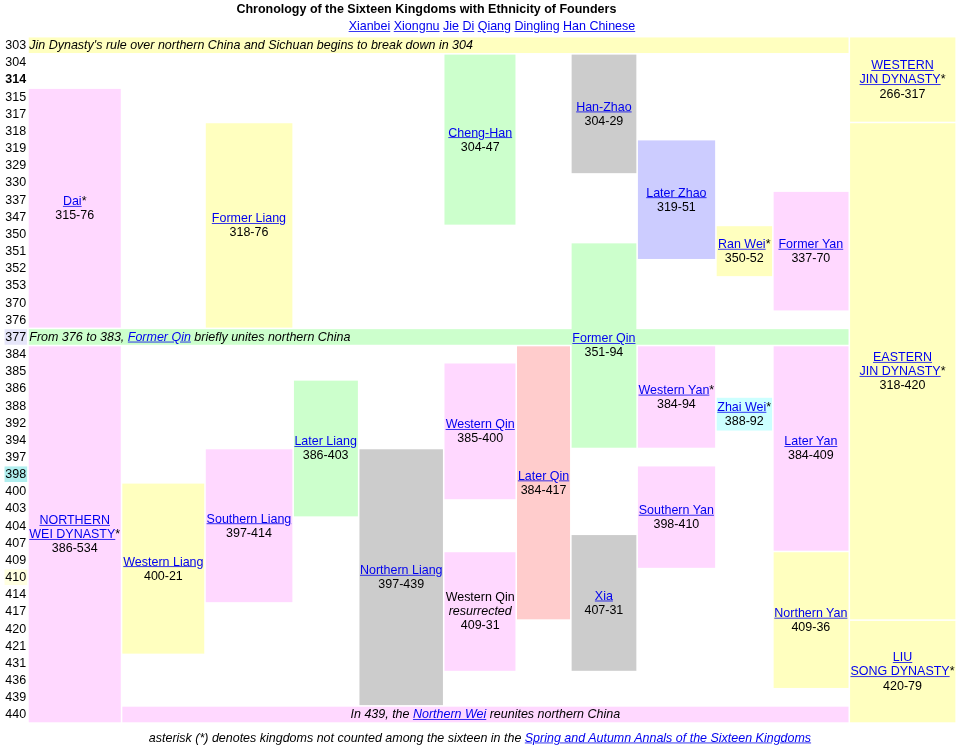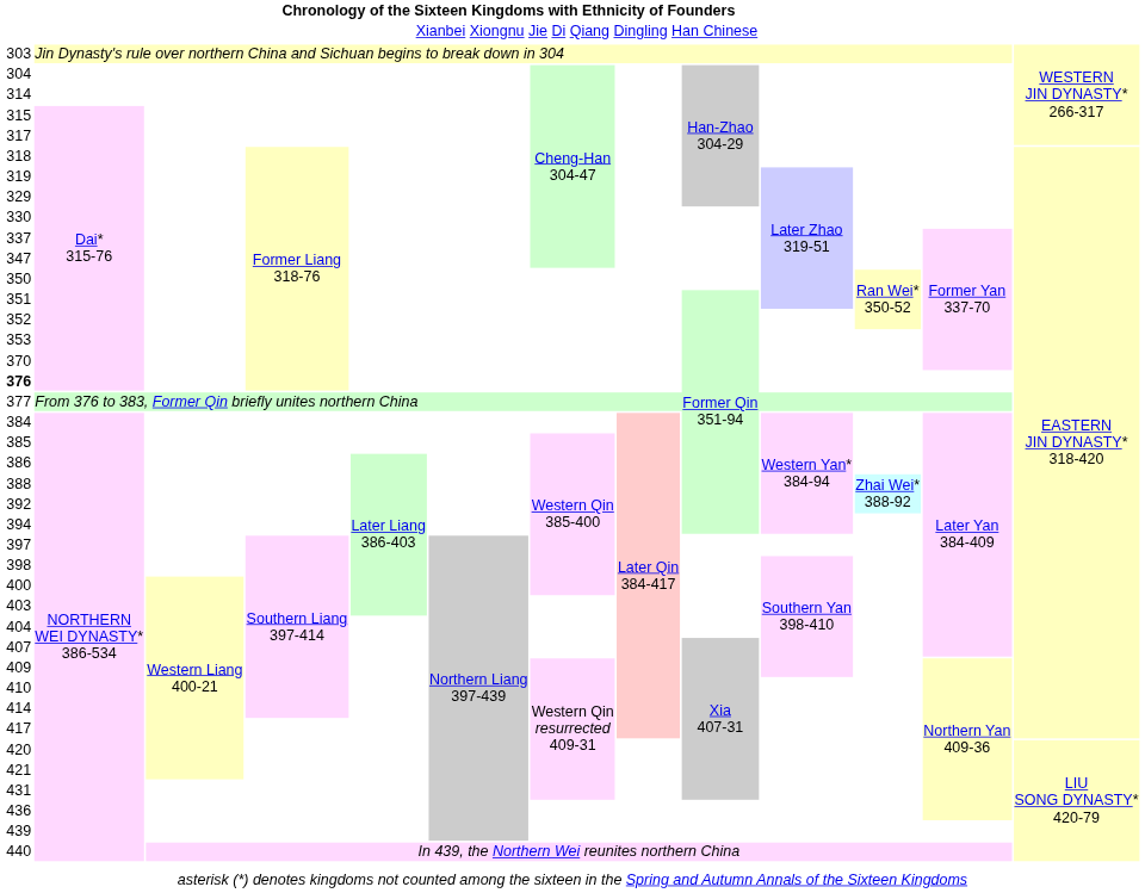 <table>
 <tr>
 <td colspan=12 ALIGN="center"><strong>Chronology of the Sixteen Kingdoms with Ethnicity of Founders</strong></td>
 </tr>
 <tr>
 <td></td>
 <td colspan=12 ALIGN="center"> <a href='#'>Xianbei</a>   <a href='#'>Xiongnu</a>  <a href='#'>Jie</a>  <a href='#'>Di</a>   <a href='#'>Qiang</a>   <a href='#'>Dingling</a>  <a href='#'>Han Chinese</a></td>
 </tr>
 <tr>
 </tr>
 <tr>
 <td>303</td>
 <td align="left" COLSPAN=11 style="background:#FFFFBF"><em>Jin Dynasty's rule over northern China and Sichuan begins to break down in 304</em></td>
 <td align="center" ROWSPAN=5 style="background:#FFFFBF;"><a href='#'>WESTERN<br>JIN DYNASTY</a>*<br>266-317</td>
 </tr>
 <tr>
 <td>304</td>
 <td></td>
 <td></td>
 <td></td>
 <td></td>
 <td></td>
 <td align="center" ROWSPAN=10 style="background:#CCFFCC;"><a href='#'>Cheng-Han</a><br>304-47</td>
 <td></td>
 <td ALIGN="CENTER" ROWSPAN=7 style="background:#CCCCCC;"><a href='#'>Han-Zhao</a><br>304-29</td>
 <td></td>
 <td></td>
 <td></td>
 <td></td>
 </tr>
 <tr>
-<td><strong>314</strong></td>
+<td>314</td>
 <td></td>
 <td></td>
 <td></td>
 <td></td>
 <td></td>
 <td></td>
 <td></td>
 <td></td>
 </tr>
 <tr>
 <td>315</td>
 <td align="center" ROWSPAN=14 style="background:#FFD8FF;"><a href='#'>Dai</a>*<br>315-76</td>
 <td></td>
 <td></td>
 <td></td>
 <td></td>
 <td></td>
 <td></td>
 <td></td>
 </tr>
 <tr>
 <td>317</td>
 <td></td>
 <td></td>
 <td></td>
 <td></td>
 <td></td>
 <td></td>
 <td></td>
 </tr>
 <tr>
 <td>318</td>
 <td></td>
 <td align="center" ROWSPAN=12 style="background:#FFFFBF;"><a href='#'>Former Liang</a><br>318-76</td>
 <td></td>
 <td></td>
 <td></td>
 <td></td>
 <td></td>
 <td></td>
 <td align="center" ROWSPAN=29 style="background:#FFFFBF;"><a href='#'>EASTERN<br>JIN DYNASTY</a>*<br>318-420</td>
 </tr>
 <tr>
 <td>319</td>
 <td></td>
 <td></td>
 <td></td>
 <td></td>
 <td align="center" ROWSPAN=7 style="background:#CCCCFF;"><a href='#'>Later Zhao</a><br>319-51</td>
 <td></td>
 <td></td>
 </tr>
 <tr>
 <td>329</td>
 <td></td>
 <td></td>
 <td></td>
 <td></td>
 <td></td>
 <td></td>
 </tr>
 <tr>
 <td>330</td>
 <td></td>
 <td></td>
 <td></td>
 <td></td>
 <td></td>
 <td></td>
 <td></td>
 </tr>
 <tr>
 <td>337</td>
 <td></td>
 <td></td>
 <td></td>
 <td></td>
 <td></td>
 <td></td>
 <td align="center" ROWSPAN=7 style="background:#FFD8FF;"><a href='#'>Former Yan</a><br>337-70</td>
 </tr>
 <tr>
 <td>347</td>
 <td></td>
 <td></td>
 <td></td>
 <td></td>
 <td></td>
 <td></td>
 </tr>
 <tr>
 <td>350</td>
 <td></td>
 <td></td>
 <td></td>
 <td></td>
 <td></td>
 <td></td>
 <td align="center" ROWSPAN=3 style="background:#FFFFBF;"><a href='#'>Ran Wei</a>*<br>350-52</td>
 </tr>
 <tr>
 <td>351</td>
 <td></td>
 <td></td>
 <td></td>
 <td></td>
 <td></td>
 <td align="center" ROWSPAN=12 style="background:#CCFFCC;"><a href='#'>Former Qin</a><br>351-94</td>
 </tr>
 <tr>
 <td>352</td>
 <td></td>
 <td></td>
 <td></td>
 <td></td>
 <td></td>
 <td></td>
 </tr>
 <tr>
 <td>353</td>
 <td></td>
 <td></td>
 <td></td>
 <td></td>
 <td></td>
 <td></td>
 <td></td>
 </tr>
 <tr>
 <td>370</td>
 <td></td>
 <td></td>
 <td></td>
 <td></td>
 <td></td>
 <td></td>
 <td></td>
 </tr>
 <tr>
-<td>376</td>
+<td><strong>376</strong></td>
 <td></td>
 <td></td>
 <td></td>
 <td></td>
 <td></td>
 <td></td>
 <td></td>
 <td></td>
 </tr>
 <tr>
-<td style="background: lavender;">377</td>
+<td>377</td>
 <td align="left" COLSPAN=11 style="background:#CCFFCC"><em>From 376 to 383, <a href='#'>Former Qin</a> briefly unites northern China</em></td>
 </tr>
 <tr>
 <td>384</td>
 <td align="CENTER" ROWSPAN=22 style="background:#FFD8FF;"><a href='#'>NORTHERN<br>WEI DYNASTY</a>*<br>386-534</td>
 <td></td>
 <td></td>
 <td></td>
 <td></td>
 <td></td>
 <td ALIGN="CENTER" ROWSPAN=16 style="background:#FFCCCC;"><a href='#'>Later Qin</a><br>384-417</td>
 <td rowspan="6" align="CENTER" style="background:#FFD8FF;"><a href='#'>Western Yan</a>*<br>384-94</td>
 <td></td>
 <td ALIGN="CENTER" ROWSPAN=12 style="background:#FFD8FF;"><a href='#'>Later Yan</a><br>384-409</td>
 </tr>
 <tr>
 <td>385</td>
 <td></td>
 <td></td>
 <td></td>
 <td></td>
 <td align="center" ROWSPAN=8 style="background:#FFD8FF;"><a href='#'>Western Qin</a><br>385-400</td>
 <td></td>
 </tr>
 <tr>
 <td>386</td>
 <td></td>
 <td></td>
 <td align="center" ROWSPAN=8 style="background:#CCFFCC;"><a href='#'>Later Liang</a><br>386-403</td>
 <td></td>
 </tr>
 <tr>
 <td>388</td>
 <td></td>
 <td></td>
 <td></td>
 <td align="center" ROWSPAN=2 style="background:#CCFFFF"><a href='#'>Zhai Wei</a>*<br>388-92</td>
 </tr>
 <tr>
 <td>392</td>
 <td></td>
 <td></td>
 <td></td>
 </tr>
 <tr>
 <td>394</td>
 <td></td>
 <td></td>
 <td></td>
 <td></td>
 </tr>
 <tr>
 <td>397</td>
 <td></td>
 <td align="center" ROWSPAN=9 style="background:#FFD8FF;"><a href='#'>Southern Liang</a><br>397-414</td>
 <td align="center" ROWSPAN=15 style="background:#CCCCCC;"><a href='#'>Northern Liang</a><br>397-439</td>
 <td></td>
 <td></td>
 <td></td>
 </tr>
 <tr>
-<td style="background: paleturquoise;">398</td>
+<td>398</td>
 <td></td>
 <td></td>
 <td align="center" ROWSPAN=6 style="background:#FFD8FF;"><a href='#'>Southern Yan</a><br>398-410</td>
 <td></td>
 </tr>
 <tr>
 <td>400</td>
 <td align="center" ROWSPAN=10 style="background:#FFFFBF;"><a href='#'>Western Liang</a><br>400-21</td>
 <td></td>
 <td></td>
 </tr>
 <tr>
 <td>403</td>
 <td></td>
 <td></td>
 <td></td>
 </tr>
 <tr>
 <td>404</td>
 <td></td>
 <td></td>
 <td></td>
 <td></td>
 </tr>
 <tr>
 <td>407</td>
 <td></td>
 <td></td>
 <td align="center" ROWSPAN=8 style="background:#CCCCCC;"><a href='#'>Xia</a><br>407-31</td>
 <td></td>
 </tr>
 <tr>
 <td>409</td>
 <td></td>
 <td align="center" ROWSPAN=7 style="background:#FFD8FF;">Western Qin<br><em>resurrected</em><br>409-31</td>
 <td></td>
 <td align="center" ROWSPAN=8 style="background:#FFFFBF"><a href='#'>Northern Yan</a><br>409-36</td>
 </tr>
 <tr>
-<td style="background: lightyellow;">410</td>
+<td>410</td>
 <td></td>
 <td></td>
 </tr>
 <tr>
 <td>414</td>
 <td></td>
 <td></td>
 <td></td>
 </tr>
 <tr>
 <td>417</td>
 <td></td>
 <td></td>
 <td></td>
 <td></td>
 </tr>
 <tr>
 <td>420</td>
 <td></td>
 <td></td>
 <td></td>
 <td></td>
 <td></td>
 <td align="center" ROWSPAN=6 style="background:#FFFFBF;"><a href='#'>LIU<br>SONG DYNASTY</a>*<br>420-79</td>
 </tr>
 <tr>
 <td>421</td>
 <td></td>
 <td></td>
 <td></td>
 <td></td>
 </tr>
 <tr>
 <td>431</td>
 <td></td>
 <td></td>
 <td></td>
 <td></td>
 <td></td>
 <td></td>
 </tr>
 <tr>
 <td>436</td>
 <td></td>
 <td></td>
 <td></td>
 <td></td>
 <td></td>
 <td></td>
 <td></td>
 <td></td>
 </tr>
 <tr>
 <td>439</td>
 <td></td>
 <td></td>
 <td></td>
 <td></td>
 <td></td>
 <td></td>
 <td></td>
 <td></td>
 </tr>
 <tr>
 <td>440</td>
 <td ALIGN="center" COLSPAN=10 style="background:#FFD8FF"><em>In 439, the <a href='#'>Northern Wei</a> reunites northern China</em></td>
 </tr>
 <tr>
 <td></td>
 <td></td>
 <td></td>
 <td></td>
 <td></td>
 <td></td>
 <td></td>
 <td></td>
 <td></td>
 <td></td>
 <td></td>
 <td></td>
 </tr>
 <tr>
 <td></td>
 <td></td>
 <td></td>
 <td></td>
 <td></td>
 <td></td>
 <td></td>
 <td></td>
 <td></td>
 <td></td>
 <td></td>
 <td></td>
 <td></td>
 </tr>
 <tr>
 <td colspan=13 align="center"><em>asterisk (*) denotes kingdoms not counted among the sixteen in the <a href='#'>Spring and Autumn Annals of the Sixteen Kingdoms</a></em></td>
 </tr>
 </table>
